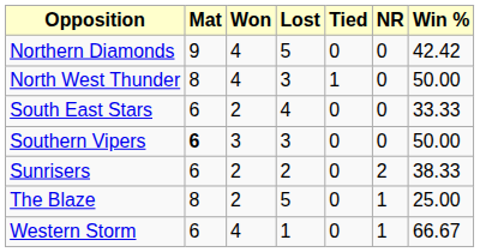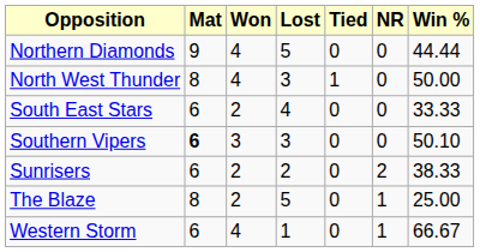 <table class="wikitable sortable">
 <tr>
 <th style="background:#ffc;">Opposition</th>
 <th style="background:#ffc;">Mat</th>
 <th style="background:#ffc;">Won</th>
 <th style="background:#ffc;">Lost</th>
 <th style="background:#ffc;">Tied</th>
 <th style="background:#ffc;">NR</th>
 <th style="background:#ffc;">Win %</th>
 </tr>
 <tr>
 <td><a href='#'>Northern Diamonds</a></td>
 <td>9</td>
 <td>4</td>
 <td>5</td>
 <td>0</td>
 <td>0</td>
-<td>42.42</td>
+<td>44.44</td>
 </tr>
 <tr>
 <td><a href='#'>North West Thunder</a></td>
 <td>8</td>
 <td>4</td>
 <td>3</td>
 <td>1</td>
 <td>0</td>
 <td>50.00</td>
 </tr>
 <tr>
 <td><a href='#'>South East Stars</a></td>
 <td>6</td>
 <td>2</td>
 <td>4</td>
 <td>0</td>
 <td>0</td>
 <td>33.33</td>
 </tr>
 <tr>
 <td><a href='#'>Southern Vipers</a></td>
 <td><strong>6</strong></td>
 <td>3</td>
 <td>3</td>
 <td>0</td>
 <td>0</td>
-<td>50.00</td>
+<td>50.10</td>
 </tr>
 <tr>
 <td><a href='#'>Sunrisers</a></td>
 <td>6</td>
 <td>2</td>
 <td>2</td>
 <td>0</td>
 <td>2</td>
 <td>38.33</td>
 </tr>
 <tr>
 <td><a href='#'>The Blaze</a></td>
 <td>8</td>
 <td>2</td>
 <td>5</td>
 <td>0</td>
 <td>1</td>
 <td>25.00</td>
 </tr>
 <tr>
 <td><a href='#'>Western Storm</a></td>
 <td>6</td>
 <td>4</td>
 <td>1</td>
 <td>0</td>
 <td>1</td>
 <td>66.67</td>
 </tr>
 </table>
